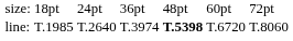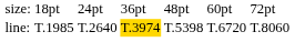 <table style="margin-left:40px;">
 <tr>
 <td>size:</td>
 <td>18pt</td>
 <td>24pt</td>
 <td>36pt</td>
 <td>48pt</td>
 <td>60pt</td>
 <td>72pt</td>
 </tr>
 <tr>
 <td>line:</td>
 <td>T.1985</td>
 <td>T.2640</td>
-<td>T.3974</td>
-<td><strong>T.5398</strong></td>
+<td style="background: gold;">T.3974</td>
+<td>T.5398</td>
 <td>T.6720</td>
 <td>T.8060</td>
 </tr>
 </table>
